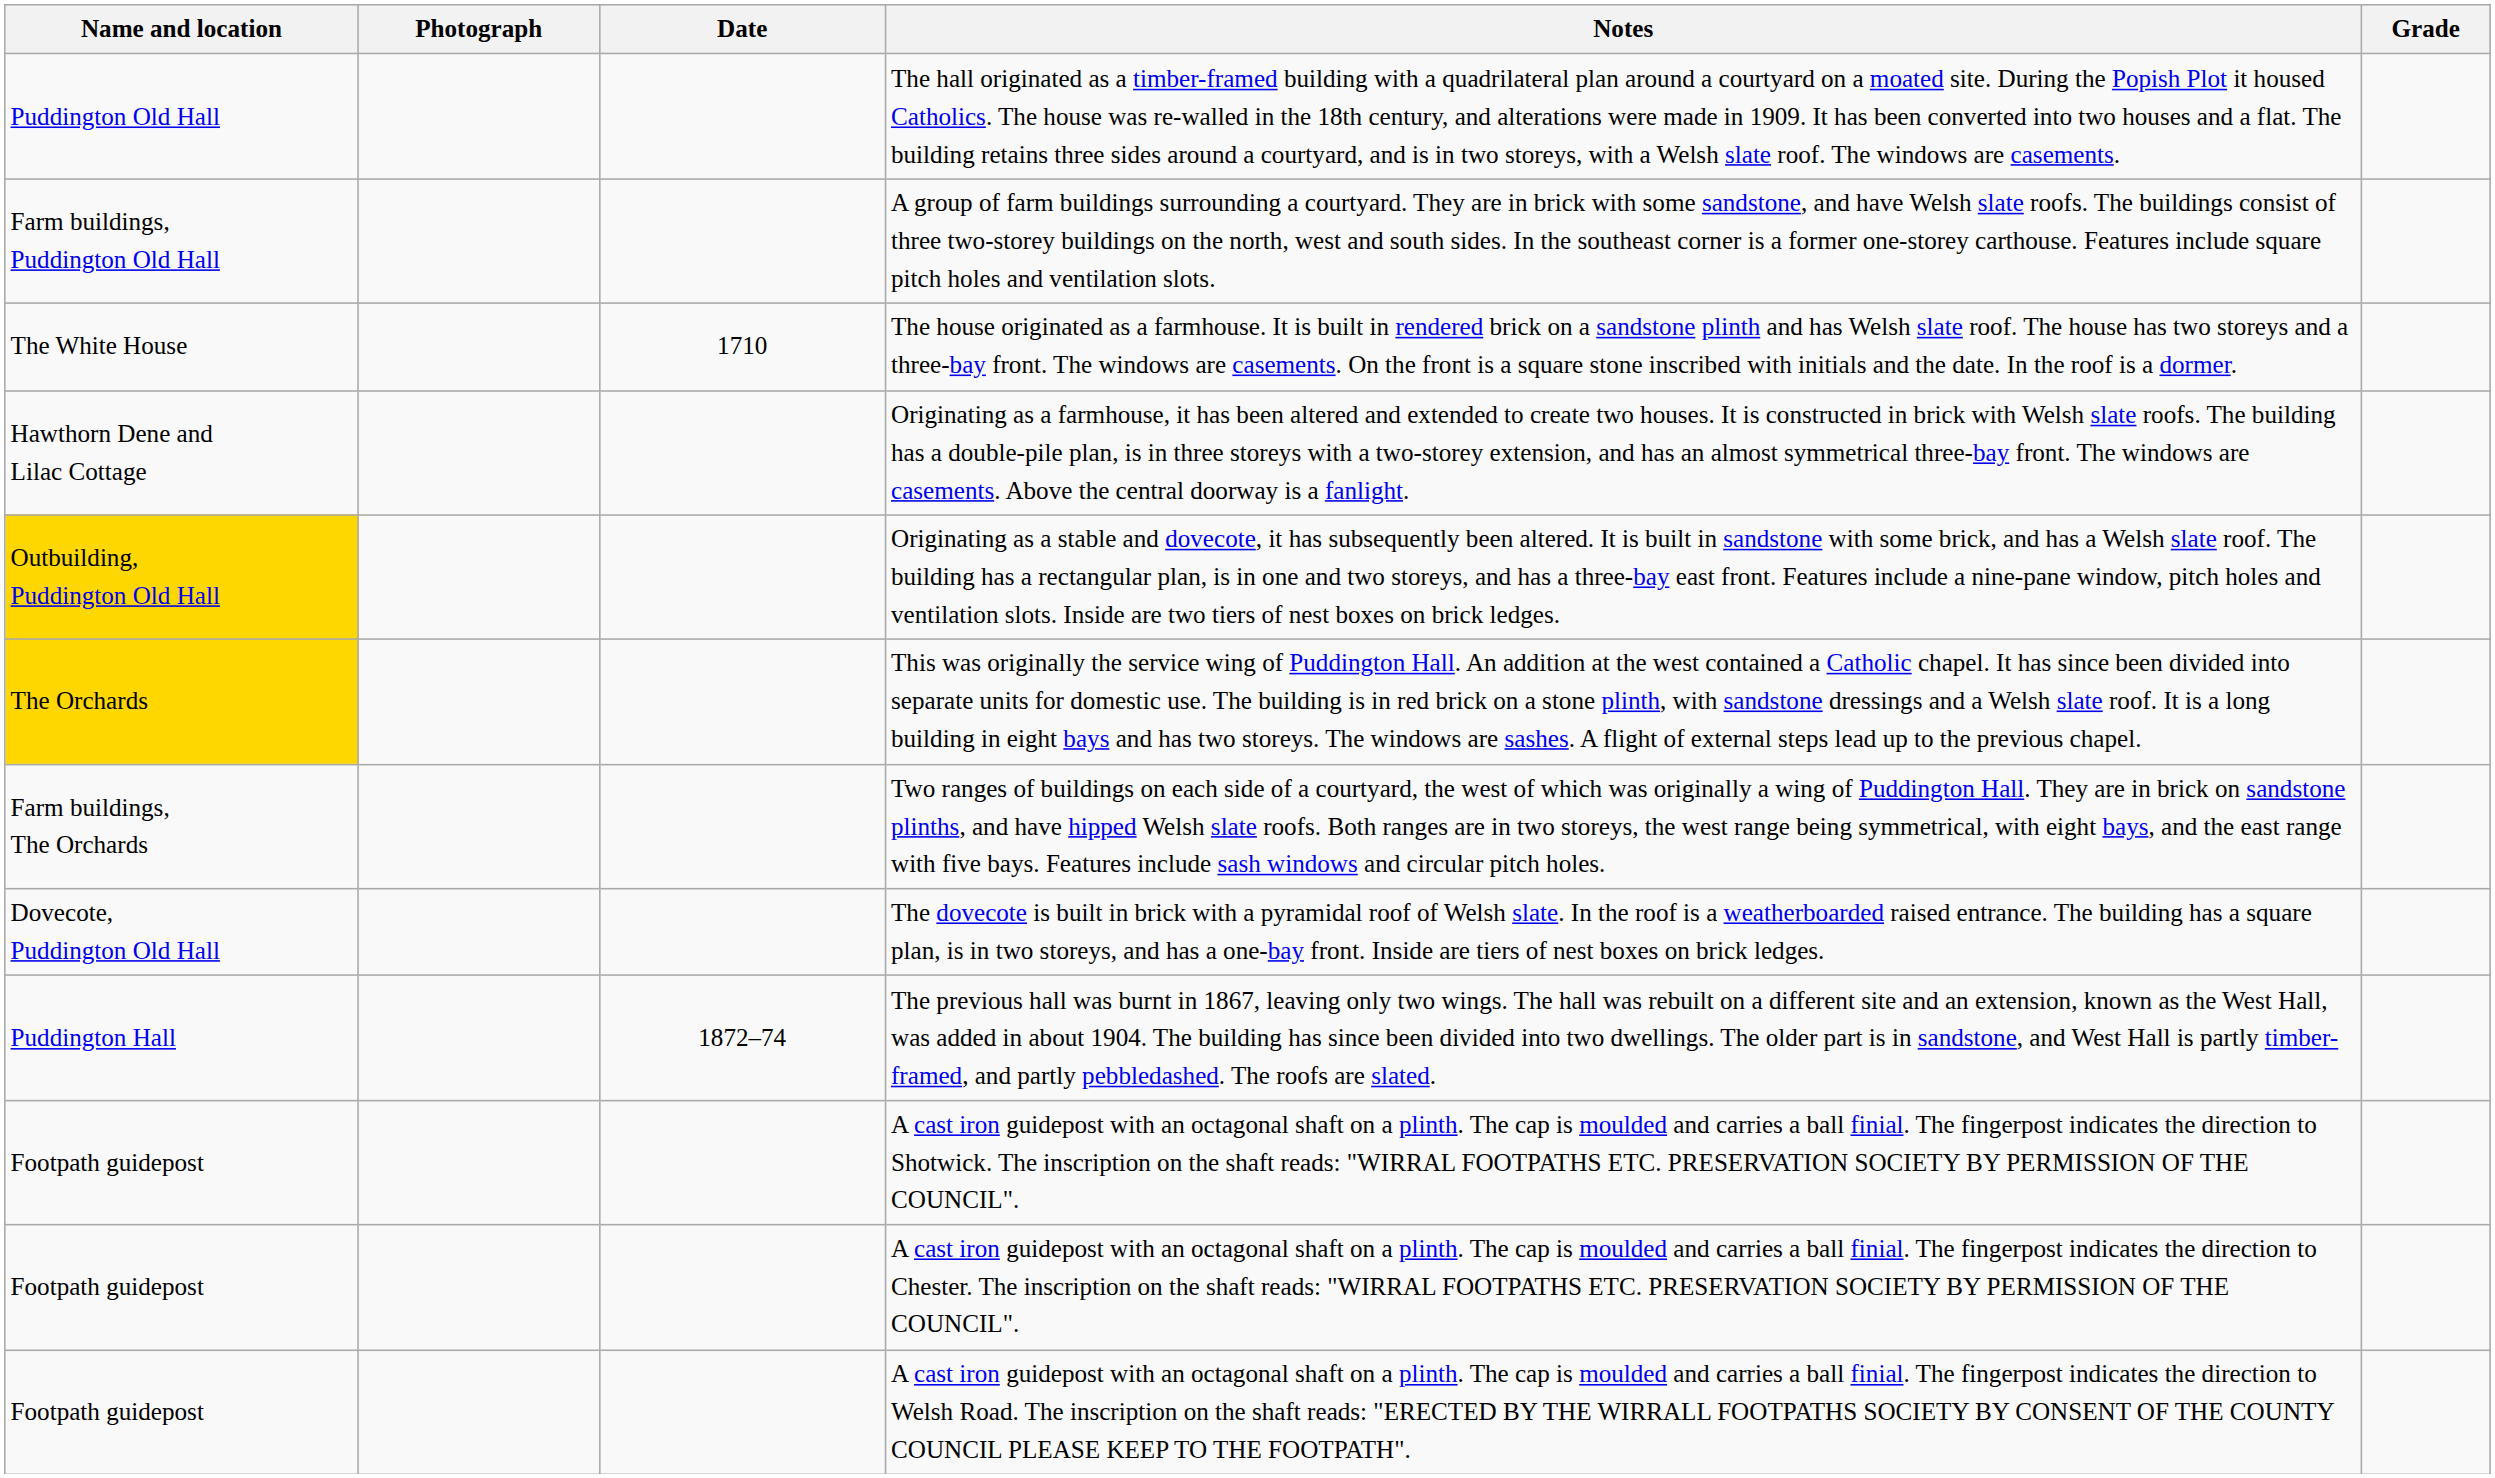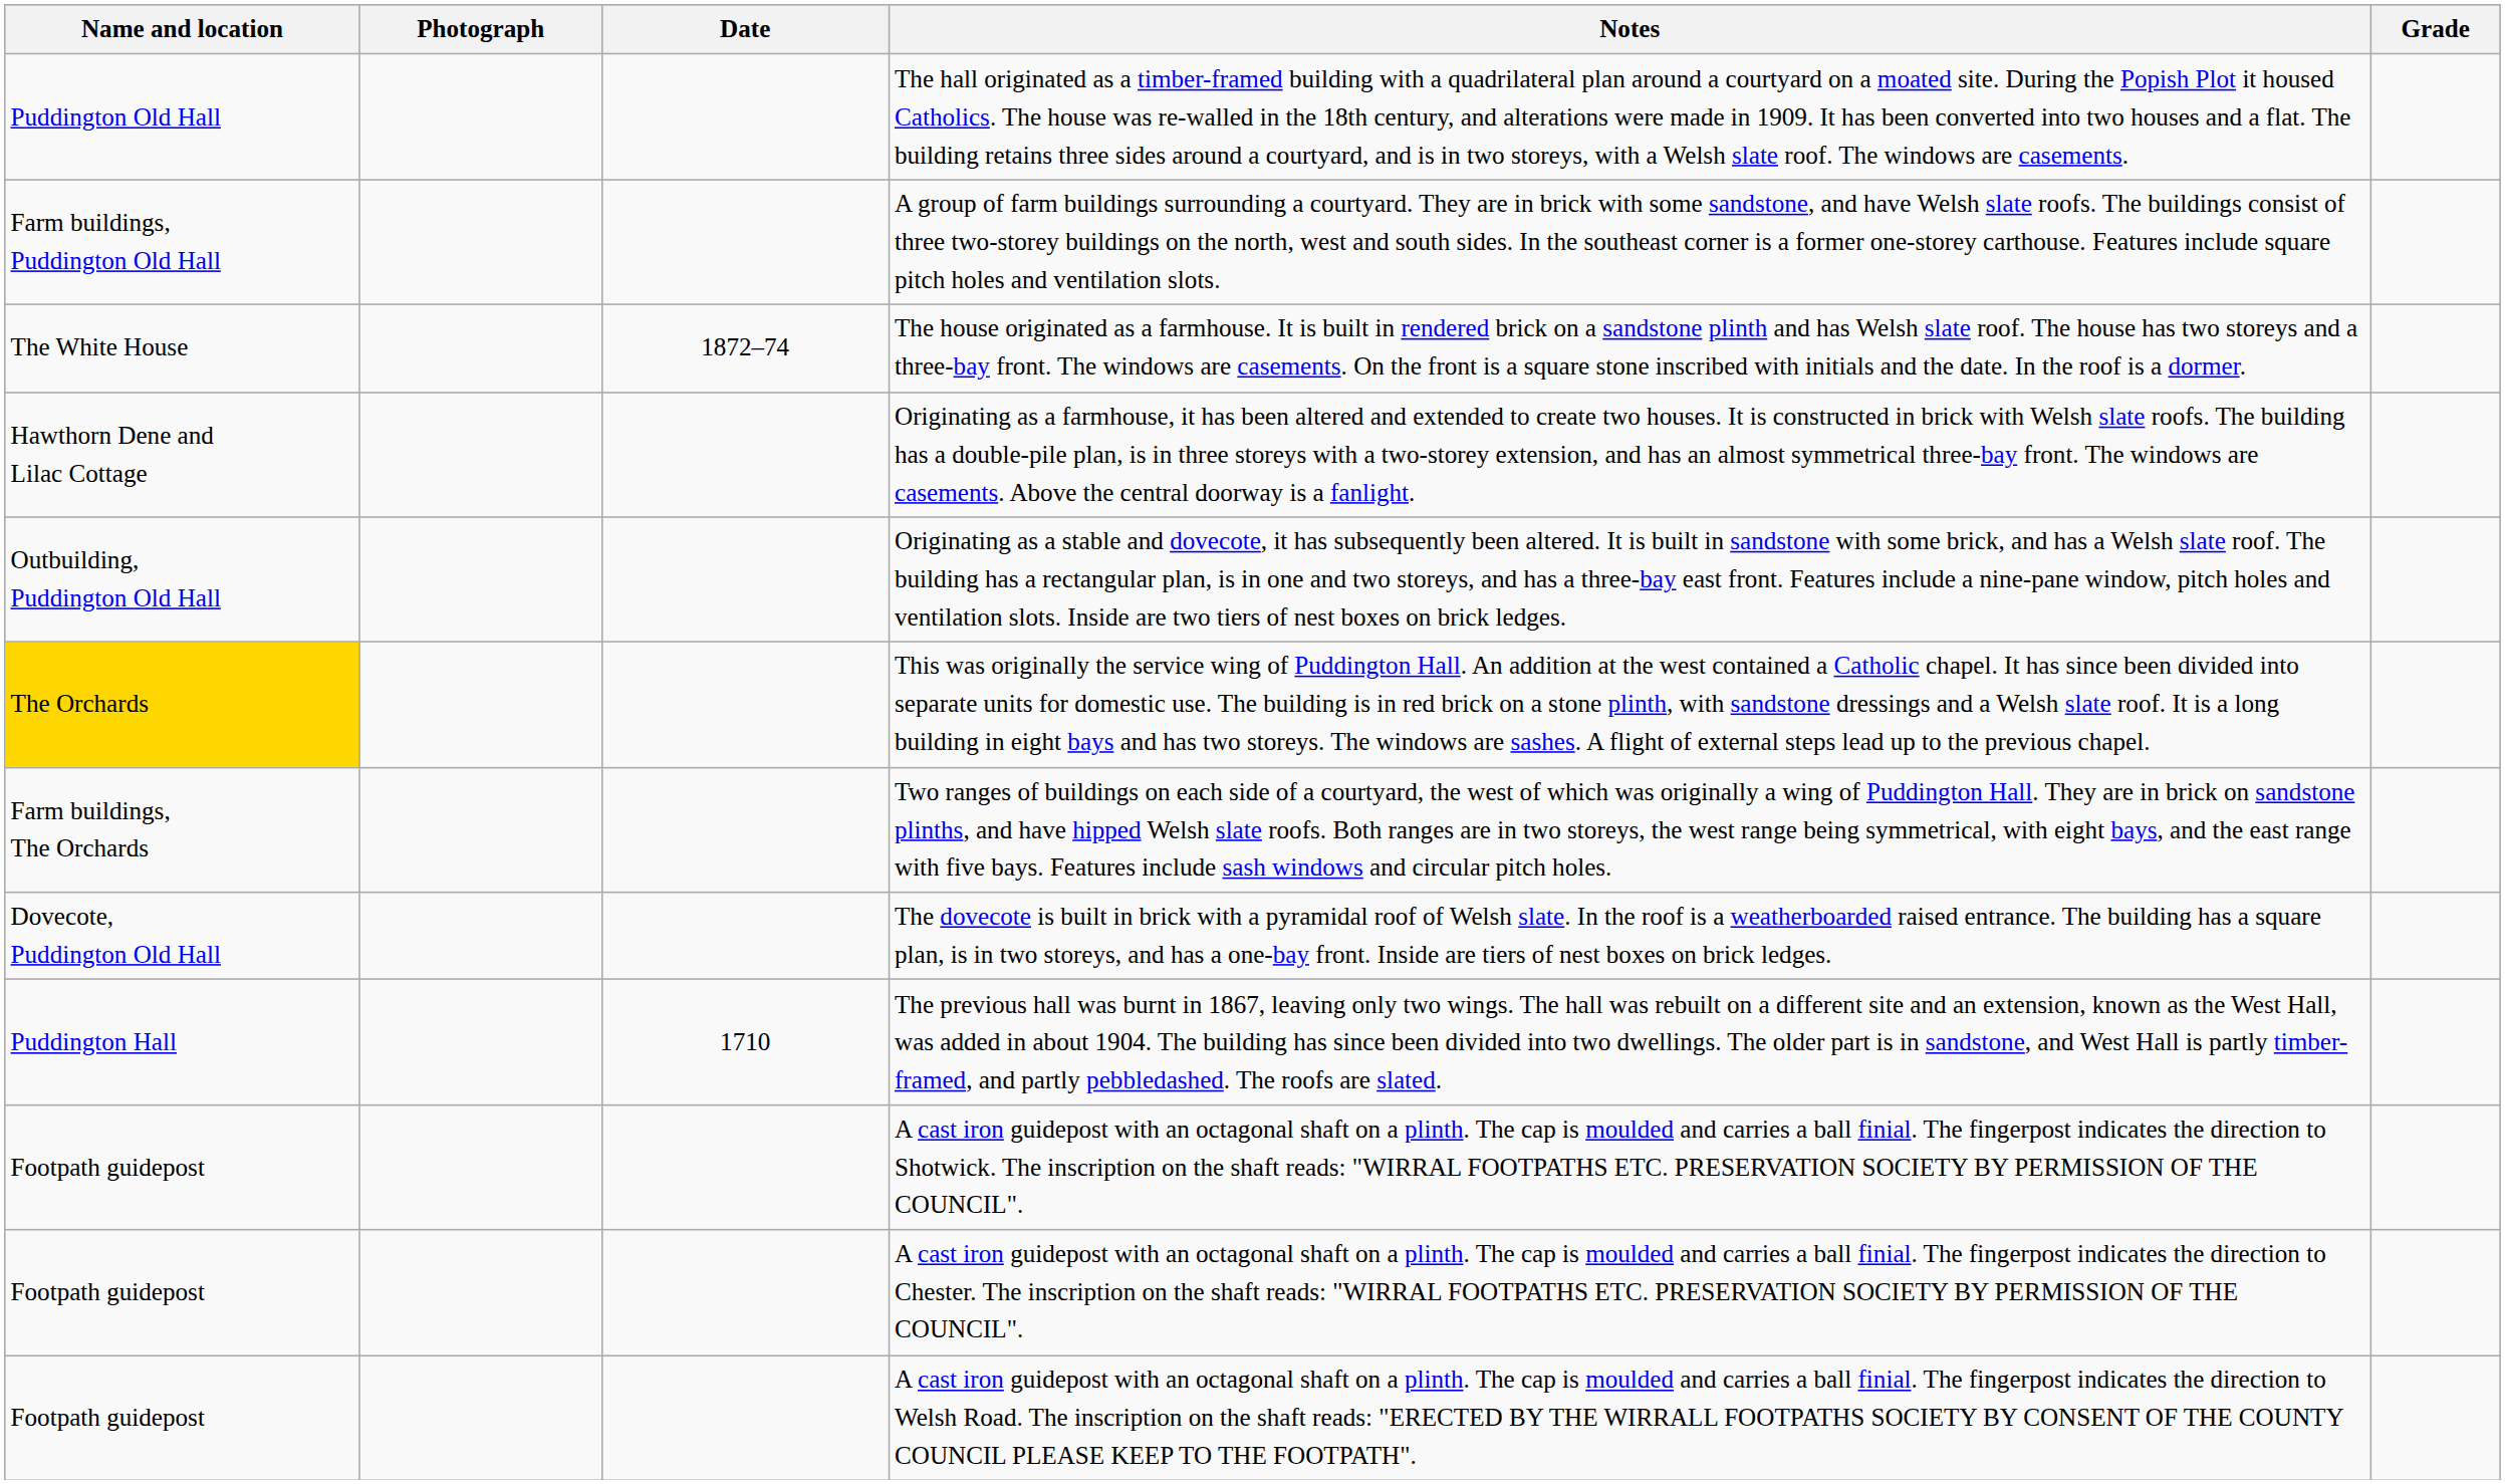 <table class="wikitable sortable plainrowheaders" style="width:100%;border:0px;text-align:left;line-height:150%;">
 <tr>
 <th scope="col"  style="width:150px">Name and location</th>
 <th scope="col"  style="width:100px" class="unsortable">Photograph</th>
 <th scope="col"  style="width:120px">Date</th>
 <th scope="col"  style="width:650px" class="unsortable">Notes</th>
 <th scope="col"  style="width:50px">Grade</th>
 </tr>
 <tr>
 <td><a href='#'>Puddington Old Hall</a><br><small></small></td>
 <td></td>
 <td align="center"></td>
 <td>The hall originated as a <a href='#'>timber-framed</a> building with a quadrilateral plan around a courtyard on a <a href='#'>moated</a> site.  During the <a href='#'>Popish Plot</a> it housed <a href='#'>Catholics</a>.  The house was re-walled in the 18th century, and alterations were made in 1909.  It has been converted into two houses and a flat.  The building retains three sides around a courtyard, and is in two storeys, with a Welsh <a href='#'>slate</a> roof.  The windows are <a href='#'>casements</a>.</td>
 <td align="center" ></td>
 </tr>
 <tr>
 <td>Farm buildings,<br><a href='#'>Puddington Old Hall</a><br><small></small></td>
 <td></td>
 <td align="center"></td>
 <td>A group of farm buildings surrounding a courtyard.  They are in brick with some <a href='#'>sandstone</a>, and have Welsh <a href='#'>slate</a> roofs.  The buildings consist of three two-storey buildings on the north, west and south sides.  In the southeast corner is a former one-storey carthouse.  Features include square pitch holes and ventilation slots.</td>
 <td align="center" ></td>
 </tr>
 <tr>
 <td>The White House<br><small></small></td>
 <td></td>
-<td align="center">1710</td>
+<td align="center">1872–74</td>
 <td>The house originated as a farmhouse.  It is built in <a href='#'>rendered</a> brick on a <a href='#'>sandstone</a> <a href='#'>plinth</a> and has Welsh <a href='#'>slate</a> roof.  The house has two storeys and a three-<a href='#'>bay</a> front.  The windows are <a href='#'>casements</a>.  On the front is a square stone inscribed with initials and the date.  In the roof is a <a href='#'>dormer</a>.</td>
 <td align="center" ></td>
 </tr>
 <tr>
 <td>Hawthorn Dene and<br>Lilac Cottage<br><small></small></td>
 <td></td>
 <td align="center"></td>
 <td>Originating as a farmhouse, it has been altered and extended to create two houses.  It is constructed in brick with Welsh <a href='#'>slate</a> roofs.  The building has a double-pile plan, is in three storeys with a two-storey extension, and has an almost symmetrical three-<a href='#'>bay</a> front.  The windows are <a href='#'>casements</a>.  Above the central doorway is a <a href='#'>fanlight</a>.</td>
 <td align="center" ></td>
 </tr>
 <tr>
-<td style="background: gold;">Outbuilding,<br><a href='#'>Puddington Old Hall</a><br><small></small></td>
+<td>Outbuilding,<br><a href='#'>Puddington Old Hall</a><br><small></small></td>
 <td></td>
 <td align="center"></td>
 <td>Originating as a stable and <a href='#'>dovecote</a>, it has subsequently been altered.  It is built in <a href='#'>sandstone</a> with some brick, and has a Welsh <a href='#'>slate</a> roof.  The building has a rectangular plan, is in one and two storeys, and has a three-<a href='#'>bay</a> east front.  Features include a nine-pane window, pitch holes and ventilation slots.  Inside are two tiers of nest boxes on brick ledges.</td>
 <td align="center" ></td>
 </tr>
 <tr>
 <td style="background: gold;">The Orchards<br><small></small></td>
 <td></td>
 <td align="center"></td>
 <td>This was originally the service wing of <a href='#'>Puddington Hall</a>.  An addition at the west contained a <a href='#'>Catholic</a> chapel.  It has since been divided into separate units for domestic use.  The building is in red brick on a stone <a href='#'>plinth</a>, with <a href='#'>sandstone</a> dressings and a Welsh <a href='#'>slate</a> roof.  It is a long building in eight <a href='#'>bays</a> and has two storeys.  The windows are <a href='#'>sashes</a>.  A flight of external steps lead up to the previous chapel.</td>
 <td align="center" ></td>
 </tr>
 <tr>
 <td>Farm buildings,<br>The Orchards<br><small></small></td>
 <td></td>
 <td align="center"></td>
 <td>Two ranges of buildings on each side of a courtyard, the west of which was originally a wing of <a href='#'>Puddington Hall</a>.  They are in brick on <a href='#'>sandstone</a> <a href='#'>plinths</a>, and have <a href='#'>hipped</a> Welsh <a href='#'>slate</a> roofs.  Both ranges are in two storeys, the west range being symmetrical, with eight <a href='#'>bays</a>, and the east range with five bays.  Features include <a href='#'>sash windows</a> and circular pitch holes.</td>
 <td align="center" ></td>
 </tr>
 <tr>
 <td>Dovecote,<br><a href='#'>Puddington Old Hall</a><br><small></small></td>
 <td></td>
 <td align="center"></td>
 <td>The <a href='#'>dovecote</a> is built in brick with a pyramidal roof of Welsh <a href='#'>slate</a>.  In the roof is a <a href='#'>weatherboarded</a> raised entrance.  The building has a square plan, is in two storeys, and has a one-<a href='#'>bay</a> front.  Inside are tiers of nest boxes on brick ledges.</td>
 <td align="center" ></td>
 </tr>
 <tr>
 <td><a href='#'>Puddington Hall</a><br><small></small></td>
 <td></td>
-<td align="center">1872–74</td>
+<td align="center">1710</td>
 <td>The previous hall was burnt in 1867, leaving only two wings.  The hall was rebuilt on a different site and an extension, known as the West Hall, was added in about 1904.  The building has since been divided into two dwellings.  The older part is in <a href='#'>sandstone</a>, and West Hall is partly <a href='#'>timber-framed</a>, and partly <a href='#'>pebbledashed</a>.  The roofs are <a href='#'>slated</a>.</td>
 <td align="center" ></td>
 </tr>
 <tr>
 <td>Footpath guidepost<br><small></small></td>
 <td></td>
 <td align="center"></td>
 <td>A <a href='#'>cast iron</a> guidepost with an octagonal shaft on a <a href='#'>plinth</a>.  The cap is <a href='#'>moulded</a> and carries a ball <a href='#'>finial</a>.  The fingerpost indicates the direction to Shotwick.  The inscription on the shaft reads: "WIRRAL FOOTPATHS ETC. PRESERVATION SOCIETY BY PERMISSION OF THE COUNCIL".</td>
 <td align="center" ></td>
 </tr>
 <tr>
 <td>Footpath guidepost<br><small></small></td>
 <td></td>
 <td align="center"></td>
 <td>A <a href='#'>cast iron</a> guidepost with an octagonal shaft on a <a href='#'>plinth</a>.  The cap is <a href='#'>moulded</a> and carries a ball <a href='#'>finial</a>.  The fingerpost indicates the direction to Chester.  The inscription on the shaft reads: "WIRRAL FOOTPATHS ETC. PRESERVATION SOCIETY BY PERMISSION OF THE COUNCIL".</td>
 <td align="center" ></td>
 </tr>
 <tr>
 <td>Footpath guidepost<br><small></small></td>
 <td></td>
 <td align="center"></td>
 <td>A <a href='#'>cast iron</a> guidepost with an octagonal shaft on a <a href='#'>plinth</a>.  The cap is <a href='#'>moulded</a> and carries a ball <a href='#'>finial</a>.  The fingerpost indicates the direction to Welsh Road.  The inscription on the shaft reads: "ERECTED BY THE WIRRALL FOOTPATHS SOCIETY BY CONSENT OF THE COUNTY COUNCIL PLEASE KEEP TO THE FOOTPATH".</td>
 <td align="center" ></td>
 </tr>
 <tr>
 </tr>
 </table>
